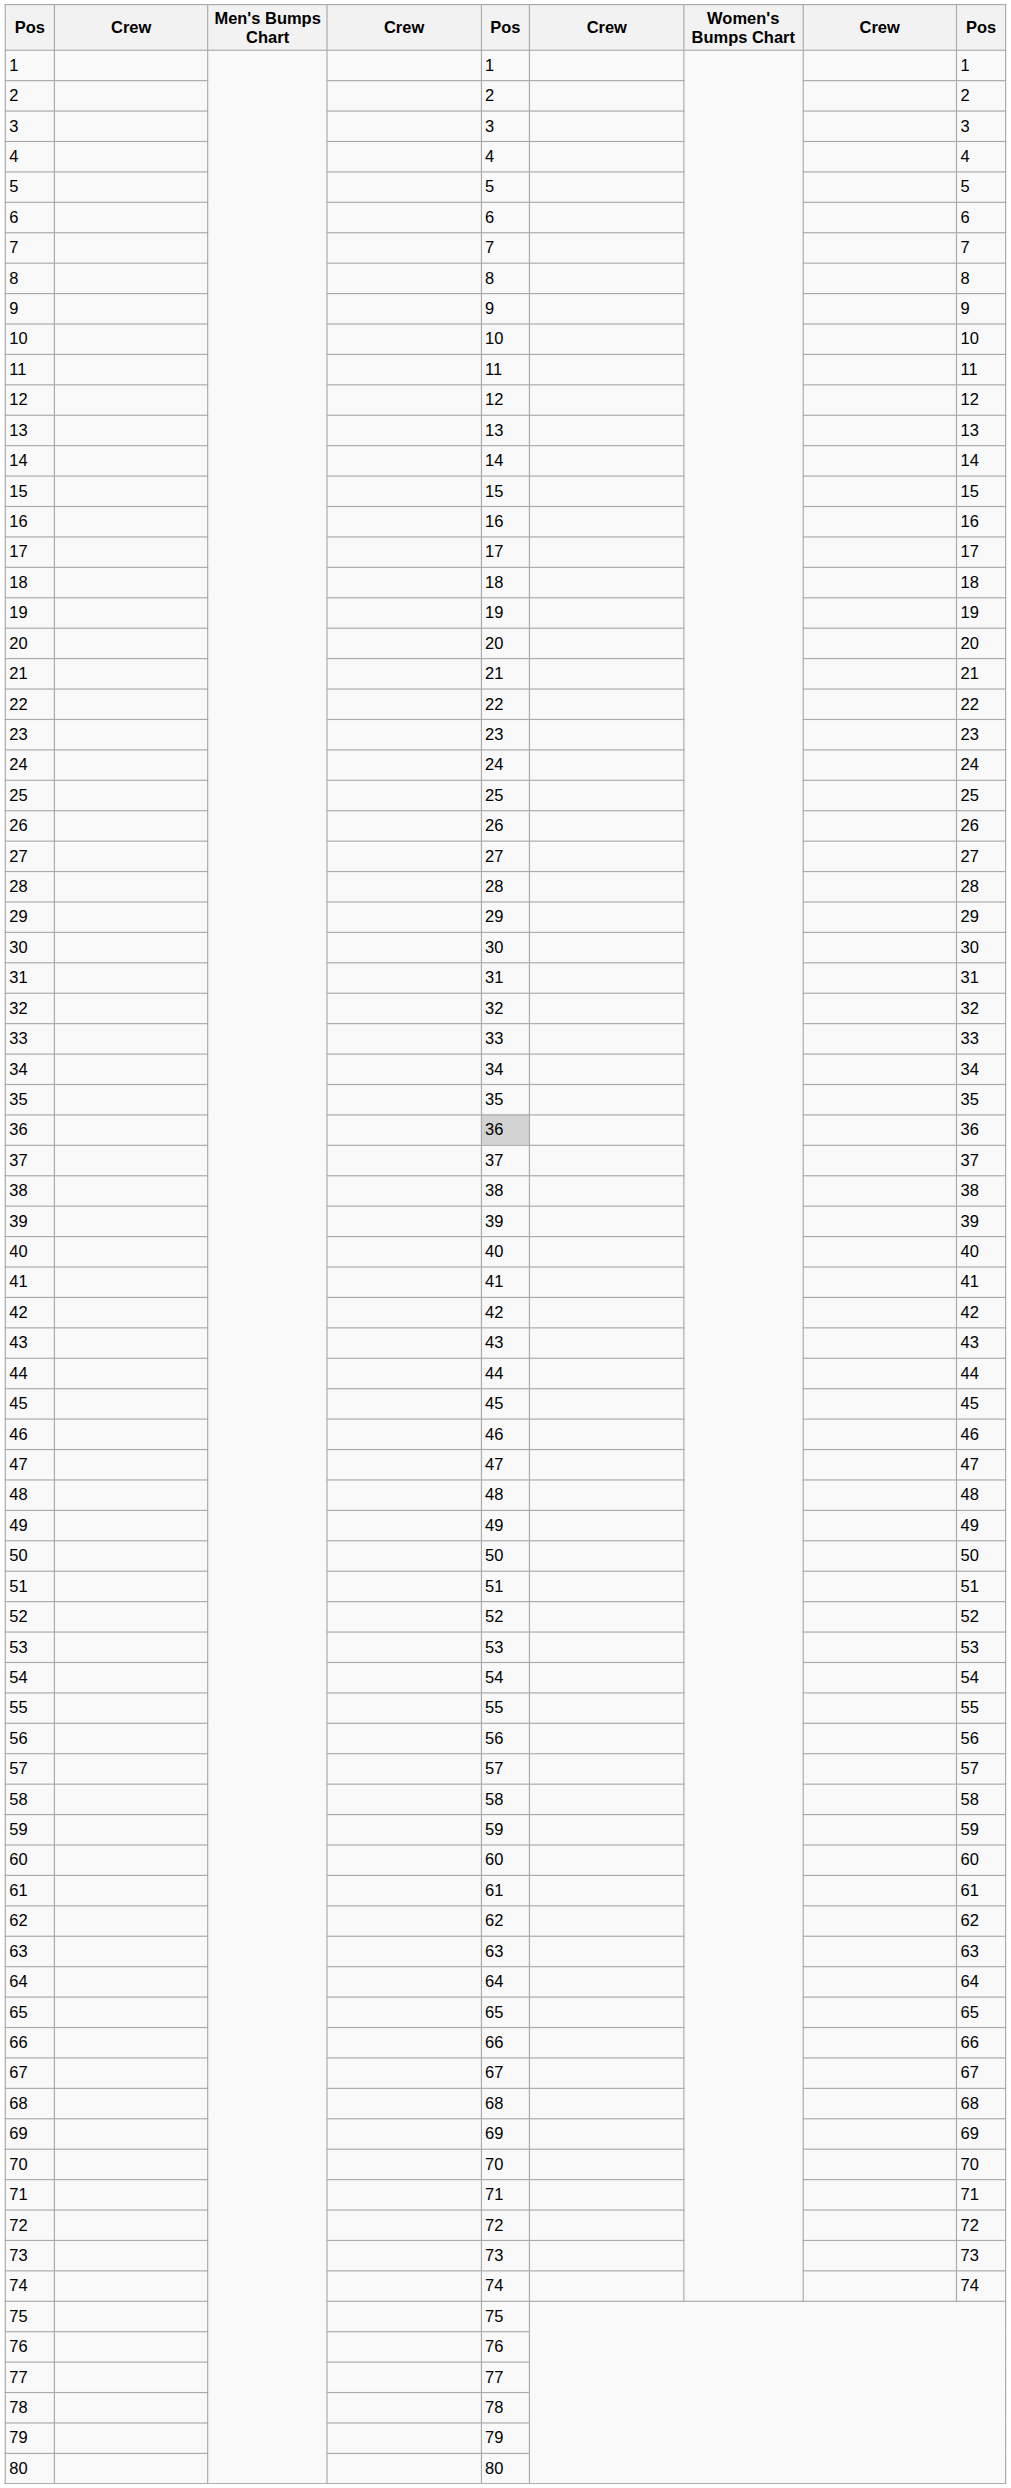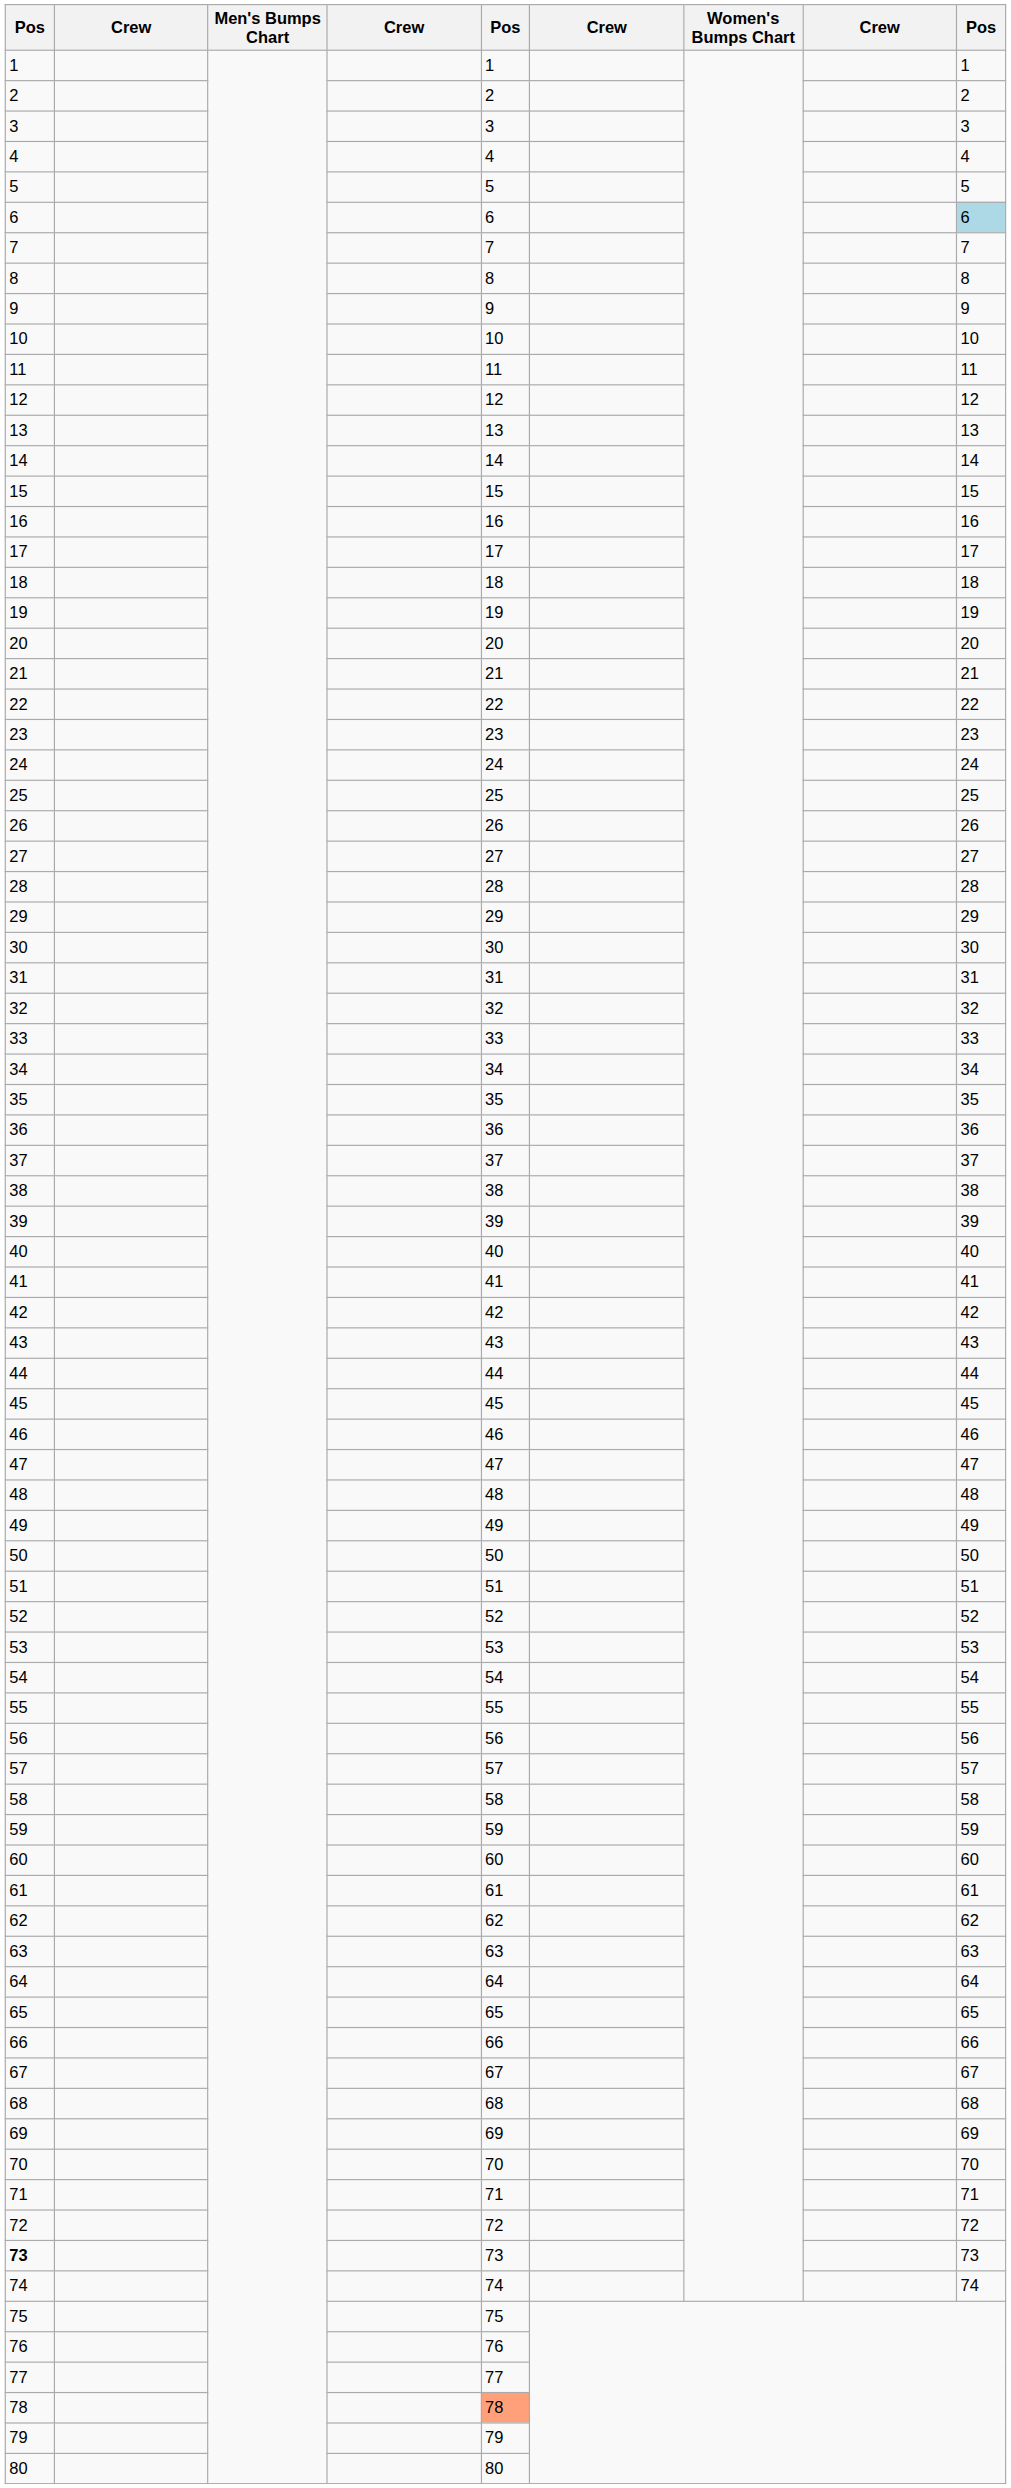 <table class="wikitable" style="font-size:88%; white-space:nowrap; margin:0.5em auto">
 <tr style="white-space:normal">
 <th width=35>Pos</th>
 <th width=125>Crew</th>
 <th width=95>Men's Bumps Chart</th>
 <th width=125>Crew</th>
 <th width=35>Pos</th>
 <th width=125>Crew</th>
 <th width=95>Women's Bumps Chart</th>
 <th width=125>Crew</th>
 <th width=35>Pos</th>
 </tr>
 <tr style="height:26px">
 <td>1</td>
 <td></td>
 <td rowspan="80" style="padding:0"></td>
 <td></td>
 <td>1</td>
 <td></td>
 <td rowspan="74" style="padding:0"></td>
 <td></td>
 <td>1</td>
 </tr>
 <tr style="height:26px">
 <td>2</td>
 <td></td>
 <td></td>
 <td>2</td>
 <td></td>
 <td></td>
 <td>2</td>
 </tr>
 <tr style="height:26px">
 <td>3</td>
 <td></td>
 <td></td>
 <td>3</td>
 <td></td>
 <td></td>
 <td>3</td>
 </tr>
 <tr style="height:26px">
 <td>4</td>
 <td></td>
 <td></td>
 <td>4</td>
 <td></td>
 <td></td>
 <td>4</td>
 </tr>
 <tr style="height:26px">
 <td>5</td>
 <td></td>
 <td></td>
 <td>5</td>
 <td></td>
 <td></td>
 <td>5</td>
 </tr>
 <tr style="height:26px">
 <td>6</td>
 <td></td>
 <td></td>
 <td>6</td>
 <td></td>
 <td></td>
-<td>6</td>
+<td style="background: lightblue;">6</td>
 </tr>
 <tr style="height:26px">
 <td>7</td>
 <td></td>
 <td></td>
 <td>7</td>
 <td></td>
 <td></td>
 <td>7</td>
 </tr>
 <tr style="height:26px">
 <td>8</td>
 <td></td>
 <td></td>
 <td>8</td>
 <td></td>
 <td></td>
 <td>8</td>
 </tr>
 <tr style="height:26px">
 <td>9</td>
 <td></td>
 <td></td>
 <td>9</td>
 <td></td>
 <td></td>
 <td>9</td>
 </tr>
 <tr style="height:26px">
 <td>10</td>
 <td></td>
 <td></td>
 <td>10</td>
 <td></td>
 <td></td>
 <td>10</td>
 </tr>
 <tr style="height:26px">
 <td>11</td>
 <td></td>
 <td></td>
 <td>11</td>
 <td></td>
 <td></td>
 <td>11</td>
 </tr>
 <tr style="height:26px">
 <td>12</td>
 <td></td>
 <td></td>
 <td>12</td>
 <td></td>
 <td></td>
 <td>12</td>
 </tr>
 <tr style="height:26px">
 <td>13</td>
 <td></td>
 <td></td>
 <td>13</td>
 <td></td>
 <td></td>
 <td>13</td>
 </tr>
 <tr style="height:26px">
 <td>14</td>
 <td></td>
 <td></td>
 <td>14</td>
 <td></td>
 <td></td>
 <td>14</td>
 </tr>
 <tr style="height:26px">
 <td>15</td>
 <td></td>
 <td></td>
 <td>15</td>
 <td></td>
 <td></td>
 <td>15</td>
 </tr>
 <tr style="height:26px">
 <td>16</td>
 <td></td>
 <td></td>
 <td>16</td>
 <td></td>
 <td></td>
 <td>16</td>
 </tr>
 <tr style="height:26px">
 <td>17</td>
 <td></td>
 <td></td>
 <td>17</td>
 <td></td>
 <td></td>
 <td>17</td>
 </tr>
 <tr style="height:26px">
 <td>18</td>
 <td></td>
 <td></td>
 <td>18</td>
 <td></td>
 <td></td>
 <td>18</td>
 </tr>
 <tr style="height:26px">
 <td>19</td>
 <td></td>
 <td></td>
 <td>19</td>
 <td></td>
 <td></td>
 <td>19</td>
 </tr>
 <tr style="height:26px">
 <td>20</td>
 <td></td>
 <td></td>
 <td>20</td>
 <td></td>
 <td></td>
 <td>20</td>
 </tr>
 <tr style="height:26px">
 <td>21</td>
 <td></td>
 <td></td>
 <td>21</td>
 <td></td>
 <td></td>
 <td>21</td>
 </tr>
 <tr style="height:26px">
 <td>22</td>
 <td></td>
 <td></td>
 <td>22</td>
 <td></td>
 <td></td>
 <td>22</td>
 </tr>
 <tr style="height:26px">
 <td>23</td>
 <td></td>
 <td></td>
 <td>23</td>
 <td></td>
 <td></td>
 <td>23</td>
 </tr>
 <tr style="height:26px">
 <td>24</td>
 <td></td>
 <td></td>
 <td>24</td>
 <td></td>
 <td></td>
 <td>24</td>
 </tr>
 <tr style="height:26px">
 <td>25</td>
 <td></td>
 <td></td>
 <td>25</td>
 <td></td>
 <td></td>
 <td>25</td>
 </tr>
 <tr style="height:26px">
 <td>26</td>
 <td></td>
 <td></td>
 <td>26</td>
 <td></td>
 <td></td>
 <td>26</td>
 </tr>
 <tr style="height:26px">
 <td>27</td>
 <td></td>
 <td></td>
 <td>27</td>
 <td></td>
 <td></td>
 <td>27</td>
 </tr>
 <tr style="height:26px">
 <td>28</td>
 <td></td>
 <td></td>
 <td>28</td>
 <td></td>
 <td></td>
 <td>28</td>
 </tr>
 <tr style="height:26px">
 <td>29</td>
 <td></td>
 <td></td>
 <td>29</td>
 <td></td>
 <td></td>
 <td>29</td>
 </tr>
 <tr style="height:26px">
 <td>30</td>
 <td></td>
 <td></td>
 <td>30</td>
 <td></td>
 <td></td>
 <td>30</td>
 </tr>
 <tr style="height:26px">
 <td>31</td>
 <td></td>
 <td></td>
 <td>31</td>
 <td></td>
 <td></td>
 <td>31</td>
 </tr>
 <tr style="height:26px">
 <td>32</td>
 <td></td>
 <td></td>
 <td>32</td>
 <td></td>
 <td></td>
 <td>32</td>
 </tr>
 <tr style="height:26px">
 <td>33</td>
 <td></td>
 <td></td>
 <td>33</td>
 <td></td>
 <td></td>
 <td>33</td>
 </tr>
 <tr style="height:26px">
 <td>34</td>
 <td></td>
 <td></td>
 <td>34</td>
 <td></td>
 <td></td>
 <td>34</td>
 </tr>
 <tr style="height:26px">
 <td>35</td>
 <td></td>
 <td></td>
 <td>35</td>
 <td></td>
 <td></td>
 <td>35</td>
 </tr>
 <tr style="height:26px">
 <td>36</td>
 <td></td>
 <td></td>
-<td style="background: lightgrey;">36</td>
+<td>36</td>
 <td></td>
 <td></td>
 <td>36</td>
 </tr>
 <tr style="height:26px">
 <td>37</td>
 <td></td>
 <td></td>
 <td>37</td>
 <td></td>
 <td></td>
 <td>37</td>
 </tr>
 <tr style="height:26px">
 <td>38</td>
 <td></td>
 <td></td>
 <td>38</td>
 <td></td>
 <td></td>
 <td>38</td>
 </tr>
 <tr style="height:26px">
 <td>39</td>
 <td></td>
 <td></td>
 <td>39</td>
 <td></td>
 <td></td>
 <td>39</td>
 </tr>
 <tr style="height:26px">
 <td>40</td>
 <td></td>
 <td></td>
 <td>40</td>
 <td></td>
 <td></td>
 <td>40</td>
 </tr>
 <tr style="height:26px">
 <td>41</td>
 <td></td>
 <td></td>
 <td>41</td>
 <td></td>
 <td></td>
 <td>41</td>
 </tr>
 <tr style="height:26px">
 <td>42</td>
 <td></td>
 <td></td>
 <td>42</td>
 <td></td>
 <td></td>
 <td>42</td>
 </tr>
 <tr style="height:26px">
 <td>43</td>
 <td></td>
 <td></td>
 <td>43</td>
 <td></td>
 <td></td>
 <td>43</td>
 </tr>
 <tr style="height:26px">
 <td>44</td>
 <td></td>
 <td></td>
 <td>44</td>
 <td></td>
 <td></td>
 <td>44</td>
 </tr>
 <tr style="height:26px">
 <td>45</td>
 <td></td>
 <td></td>
 <td>45</td>
 <td></td>
 <td></td>
 <td>45</td>
 </tr>
 <tr style="height:26px">
 <td>46</td>
 <td></td>
 <td></td>
 <td>46</td>
 <td></td>
 <td></td>
 <td>46</td>
 </tr>
 <tr style="height:26px">
 <td>47</td>
 <td></td>
 <td></td>
 <td>47</td>
 <td></td>
 <td></td>
 <td>47</td>
 </tr>
 <tr style="height:26px">
 <td>48</td>
 <td></td>
 <td></td>
 <td>48</td>
 <td></td>
 <td></td>
 <td>48</td>
 </tr>
 <tr style="height:26px">
 <td>49</td>
 <td></td>
 <td></td>
 <td>49</td>
 <td></td>
 <td></td>
 <td>49</td>
 </tr>
 <tr style="height:26px">
 <td>50</td>
 <td></td>
 <td></td>
 <td>50</td>
 <td></td>
 <td></td>
 <td>50</td>
 </tr>
 <tr style="height:26px">
 <td>51</td>
 <td></td>
 <td></td>
 <td>51</td>
 <td></td>
 <td></td>
 <td>51</td>
 </tr>
 <tr style="height:26px">
 <td>52</td>
 <td></td>
 <td></td>
 <td>52</td>
 <td></td>
 <td></td>
 <td>52</td>
 </tr>
 <tr style="height:26px">
 <td>53</td>
 <td></td>
 <td></td>
 <td>53</td>
 <td></td>
 <td></td>
 <td>53</td>
 </tr>
 <tr style="height:26px">
 <td>54</td>
 <td></td>
 <td></td>
 <td>54</td>
 <td></td>
 <td></td>
 <td>54</td>
 </tr>
 <tr style="height:26px">
 <td>55</td>
 <td></td>
 <td></td>
 <td>55</td>
 <td></td>
 <td></td>
 <td>55</td>
 </tr>
 <tr style="height:26px">
 <td>56</td>
 <td></td>
 <td></td>
 <td>56</td>
 <td></td>
 <td></td>
 <td>56</td>
 </tr>
 <tr style="height:26px">
 <td>57</td>
 <td></td>
 <td></td>
 <td>57</td>
 <td></td>
 <td></td>
 <td>57</td>
 </tr>
 <tr style="height:26px">
 <td>58</td>
 <td></td>
 <td></td>
 <td>58</td>
 <td></td>
 <td></td>
 <td>58</td>
 </tr>
 <tr style="height:26px">
 <td>59</td>
 <td></td>
 <td></td>
 <td>59</td>
 <td></td>
 <td></td>
 <td>59</td>
 </tr>
 <tr style="height:26px">
 <td>60</td>
 <td></td>
 <td></td>
 <td>60</td>
 <td></td>
 <td></td>
 <td>60</td>
 </tr>
 <tr style="height:26px">
 <td>61</td>
 <td></td>
 <td></td>
 <td>61</td>
 <td></td>
 <td></td>
 <td>61</td>
 </tr>
 <tr style="height:26px">
 <td>62</td>
 <td></td>
 <td></td>
 <td>62</td>
 <td></td>
 <td></td>
 <td>62</td>
 </tr>
 <tr style="height:26px">
 <td>63</td>
 <td></td>
 <td></td>
 <td>63</td>
 <td></td>
 <td></td>
 <td>63</td>
 </tr>
 <tr style="height:26px">
 <td>64</td>
 <td></td>
 <td></td>
 <td>64</td>
 <td></td>
 <td></td>
 <td>64</td>
 </tr>
 <tr style="height:26px">
 <td>65</td>
 <td></td>
 <td></td>
 <td>65</td>
 <td></td>
 <td></td>
 <td>65</td>
 </tr>
 <tr style="height:26px">
 <td>66</td>
 <td></td>
 <td></td>
 <td>66</td>
 <td></td>
 <td></td>
 <td>66</td>
 </tr>
 <tr style="height:26px">
 <td>67</td>
 <td></td>
 <td></td>
 <td>67</td>
 <td></td>
 <td></td>
 <td>67</td>
 </tr>
 <tr style="height:26px">
 <td>68</td>
 <td></td>
 <td></td>
 <td>68</td>
 <td></td>
 <td></td>
 <td>68</td>
 </tr>
 <tr style="height:26px">
 <td>69</td>
 <td></td>
 <td></td>
 <td>69</td>
 <td></td>
 <td></td>
 <td>69</td>
 </tr>
 <tr style="height:26px">
 <td>70</td>
 <td></td>
 <td></td>
 <td>70</td>
 <td></td>
 <td></td>
 <td>70</td>
 </tr>
 <tr style="height:26px">
 <td>71</td>
 <td></td>
 <td></td>
 <td>71</td>
 <td></td>
 <td></td>
 <td>71</td>
 </tr>
 <tr style="height:26px">
 <td>72</td>
 <td></td>
 <td></td>
 <td>72</td>
 <td></td>
 <td></td>
 <td>72</td>
 </tr>
 <tr style="height:26px">
-<td>73</td>
+<td><strong>73</strong></td>
 <td></td>
 <td></td>
 <td>73</td>
 <td></td>
 <td></td>
 <td>73</td>
 </tr>
 <tr style="height:26px">
 <td>74</td>
 <td></td>
 <td></td>
 <td>74</td>
 <td></td>
 <td></td>
 <td>74</td>
 </tr>
 <tr style="height:26px">
 <td>75</td>
 <td></td>
 <td></td>
 <td>75</td>
 <td colspan="4" rowspan="6"> </td>
 </tr>
 <tr style="height:26px">
 <td>76</td>
 <td></td>
 <td></td>
 <td>76</td>
 </tr>
 <tr style="height:26px">
 <td>77</td>
 <td></td>
 <td></td>
 <td>77</td>
 </tr>
 <tr style="height:26px">
 <td>78</td>
 <td></td>
 <td></td>
-<td>78</td>
+<td style="background: lightsalmon;">78</td>
 </tr>
 <tr style="height:26px">
 <td>79</td>
 <td></td>
 <td></td>
 <td>79</td>
 </tr>
 <tr style="height:26px">
 <td>80</td>
 <td></td>
 <td></td>
 <td>80</td>
 </tr>
 <tr>
 </tr>
 </table>
